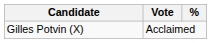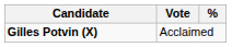 <table class="wikitable">
 <tr>
 <th bgcolor="#DDDDFF" width="200px">Candidate</th>
 <th bgcolor="#DDDDFF" width="50px">Vote</th>
 <th bgcolor="#DDDDFF" width="30px">%</th>
 </tr>
 <tr>
-<td>Gilles Potvin (X)</td>
+<td><strong>Gilles Potvin (X)</strong></td>
 <td colspan="2">Acclaimed</td>
 </tr>
 </table>
